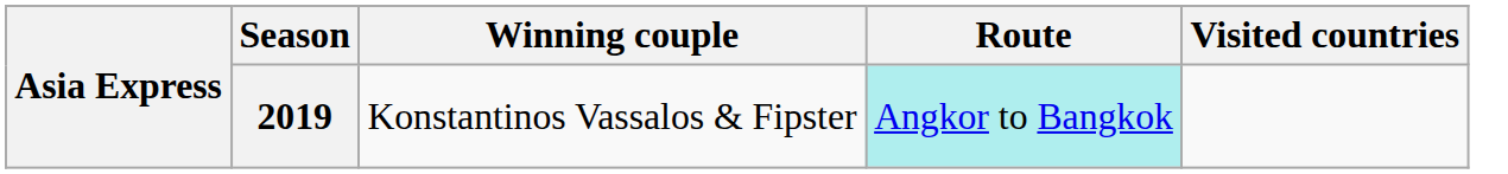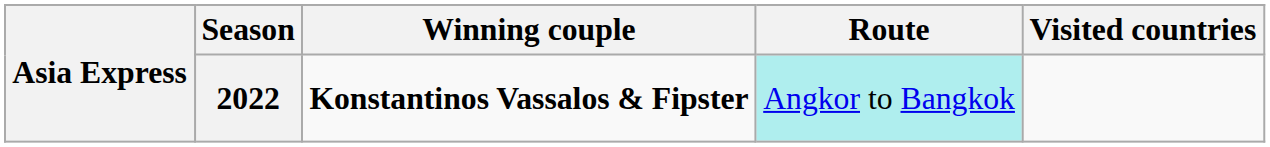 <table class="wikitable">
 <tr>
 <th rowspan="8">Asia Express</th>
 <th>Season</th>
 <th>Winning couple</th>
 <th>Route</th>
 <th>Visited countries</th>
 </tr>
 <tr>
-<th>2019</th>
-<td>Konstantinos Vassalos & Fipster</td>
+<th>2022</th>
+<td><strong>Konstantinos Vassalos & Fipster</strong></td>
 <td style="background: paleturquoise;"><a href='#'>Angkor</a> to <a href='#'>Bangkok</a></td>
 <td><br><br></td>
 </tr>
 </table>
